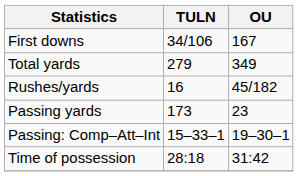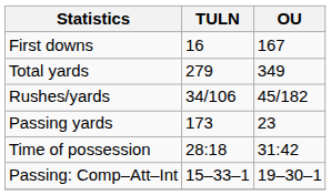 <table class="wikitable" style="float: left;">
 <tr>
 <th>Statistics</th>
 <th>TULN</th>
 <th>OU</th>
 </tr>
 <tr>
 <td>First downs</td>
-<td>34/106</td>
+<td>16</td>
 <td>167</td>
 </tr>
 <tr>
 <td>Total yards</td>
 <td>279</td>
 <td>349</td>
 </tr>
 <tr>
 <td>Rushes/yards</td>
-<td>16</td>
+<td>34/106</td>
 <td>45/182</td>
 </tr>
 <tr>
 <td>Passing yards</td>
 <td>173</td>
 <td>23</td>
 </tr>
 <tr>
+<td>Time of possession</td>
+<td>28:18</td>
+<td>31:42</td>
+</tr>
+<tr>
 <td>Passing: Comp–Att–Int</td>
 <td>15–33–1</td>
 <td>19–30–1</td>
 </tr>
 <tr>
-<td>Time of possession</td>
-<td>28:18</td>
-<td>31:42</td>
-</tr>
-<tr>
 </tr>
 </table>
